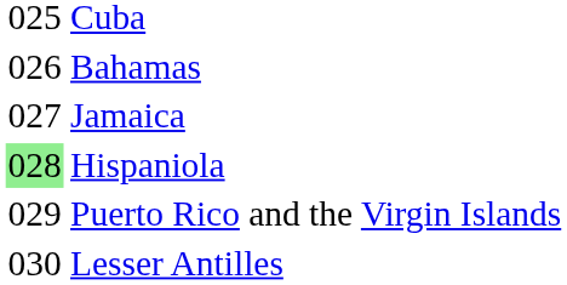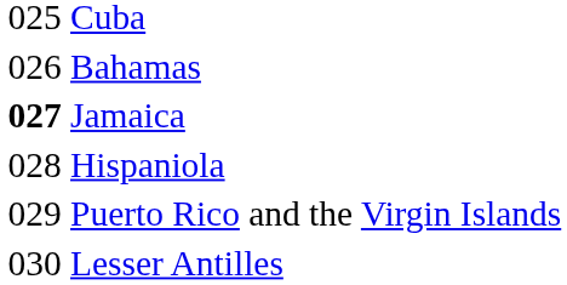 <table>
 <tr>
 <td>025</td>
 <td><a href='#'>Cuba</a></td>
 </tr>
 <tr>
 <td>026</td>
 <td><a href='#'>Bahamas</a></td>
 </tr>
 <tr>
-<td>027</td>
+<td><strong>027</strong></td>
 <td><a href='#'>Jamaica</a></td>
 </tr>
 <tr>
-<td style="background: lightgreen;">028</td>
+<td>028</td>
 <td><a href='#'>Hispaniola</a></td>
 </tr>
 <tr>
 <td>029</td>
 <td><a href='#'>Puerto Rico</a> and the <a href='#'>Virgin Islands</a></td>
 </tr>
 <tr>
 <td>030</td>
 <td><a href='#'>Lesser Antilles</a></td>
 </tr>
 <tr>
 </tr>
 </table>
